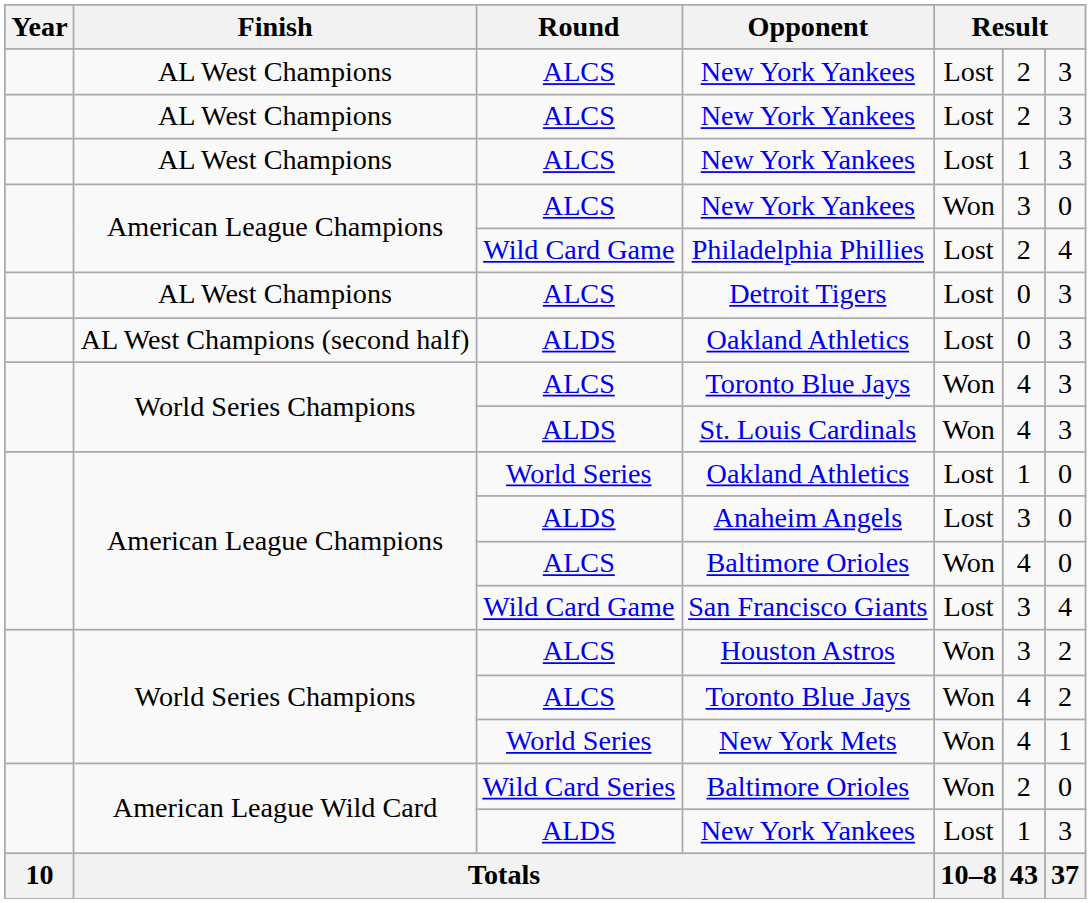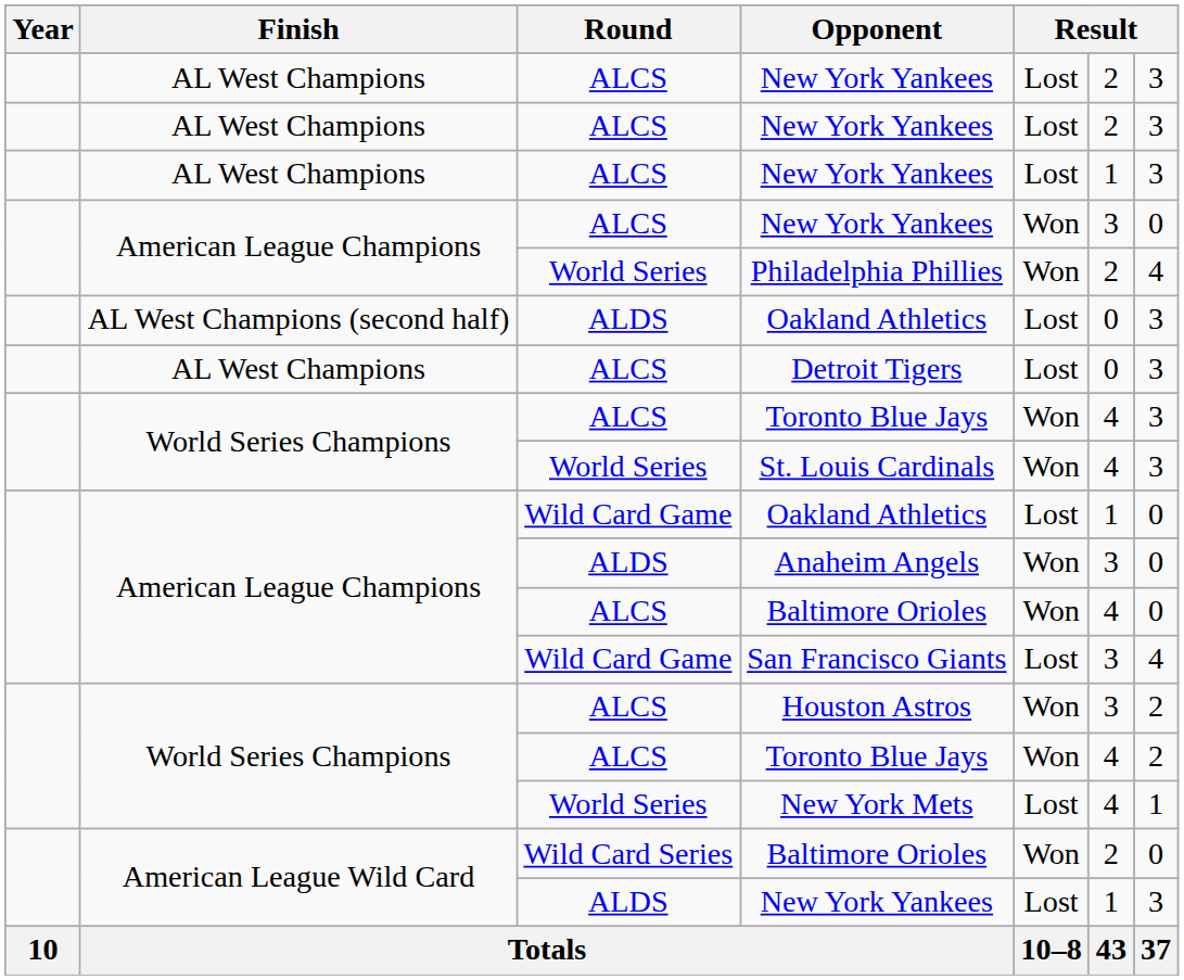 <table class="wikitable">
 <tr>
 <th colspan=1>Year</th>
 <th colspan=1>Finish</th>
 <th colspan=1>Round</th>
 <th colspan=1>Opponent</th>
 <th colspan=3>Result</th>
 </tr>
 <tr>
 <td align="center"></td>
 <td align="center">AL West Champions</td>
 <td align="center"><a href='#'>ALCS</a></td>
 <td align="center"><a href='#'>New York Yankees</a></td>
 <td align="center">Lost</td>
 <td align="center">2</td>
 <td align="center">3</td>
 </tr>
 <tr>
 <td align="center"></td>
 <td align="center">AL West Champions</td>
 <td align="center"><a href='#'>ALCS</a></td>
 <td align="center"><a href='#'>New York Yankees</a></td>
 <td align="center">Lost</td>
 <td align="center">2</td>
 <td align="center">3</td>
 </tr>
 <tr>
 <td align="center"></td>
 <td align="center">AL West Champions</td>
 <td align="center"><a href='#'>ALCS</a></td>
 <td align="center"><a href='#'>New York Yankees</a></td>
 <td align="center">Lost</td>
 <td align="center">1</td>
 <td align="center">3</td>
 </tr>
 <tr>
 <td align="center" rowspan="2"></td>
 <td align="center" rowspan="2">American League Champions</td>
 <td align="center"><a href='#'>ALCS</a></td>
 <td align="center"><a href='#'>New York Yankees</a></td>
 <td align="center">Won</td>
 <td align="center">3</td>
 <td align="center">0</td>
 </tr>
 <tr>
-<td align="center"><a href='#'>Wild Card Game</a></td>
+<td align="center"><a href='#'>World Series</a></td>
 <td align="center"><a href='#'>Philadelphia Phillies</a></td>
-<td align="center">Lost</td>
+<td align="center">Won</td>
 <td align="center">2</td>
 <td align="center">4</td>
+</tr>
+<tr>
+<td align="center"></td>
+<td align="center">AL West Champions (second half)</td>
+<td align="center"><a href='#'>ALDS</a></td>
+<td align="center"><a href='#'>Oakland Athletics</a></td>
+<td align="center">Lost</td>
+<td align="center">0</td>
+<td align="center">3</td>
 </tr>
 <tr>
 <td align="center"></td>
 <td align="center">AL West Champions</td>
 <td align="center"><a href='#'>ALCS</a></td>
 <td align="center"><a href='#'>Detroit Tigers</a></td>
-<td align="center">Lost</td>
-<td align="center">0</td>
-<td align="center">3</td>
-</tr>
-<tr>
-<td align="center"></td>
-<td align="center">AL West Champions (second half)</td>
-<td align="center"><a href='#'>ALDS</a></td>
-<td align="center"><a href='#'>Oakland Athletics</a></td>
 <td align="center">Lost</td>
 <td align="center">0</td>
 <td align="center">3</td>
 </tr>
 <tr>
 <td align="center" rowspan="2"></td>
 <td align="center" rowspan="2">World Series Champions</td>
 <td align="center"><a href='#'>ALCS</a></td>
 <td align="center"><a href='#'>Toronto Blue Jays</a></td>
 <td align="center">Won</td>
 <td align="center">4</td>
 <td align="center">3</td>
 </tr>
 <tr>
-<td align="center"><a href='#'>ALDS</a></td>
+<td align="center"><a href='#'>World Series</a></td>
 <td align="center"><a href='#'>St. Louis Cardinals</a></td>
 <td align="center">Won</td>
 <td align="center">4</td>
 <td align="center">3</td>
 </tr>
 <tr>
 <td align="center" rowspan="4"></td>
 <td align="center" rowspan="4">American League Champions</td>
-<td align="center"><a href='#'>World Series</a></td>
+<td align="center"><a href='#'>Wild Card Game</a></td>
 <td align="center"><a href='#'>Oakland Athletics</a></td>
 <td align="center">Lost</td>
 <td align="center">1</td>
 <td align="center">0</td>
 </tr>
 <tr>
 <td align="center"><a href='#'>ALDS</a></td>
 <td align="center"><a href='#'>Anaheim Angels</a></td>
-<td align="center">Lost</td>
+<td align="center">Won</td>
 <td align="center">3</td>
 <td align="center">0</td>
 </tr>
 <tr>
 <td align="center"><a href='#'>ALCS</a></td>
 <td align="center"><a href='#'>Baltimore Orioles</a></td>
 <td align="center">Won</td>
 <td align="center">4</td>
 <td align="center">0</td>
 </tr>
 <tr>
 <td align="center"><a href='#'>Wild Card Game</a></td>
 <td align="center"><a href='#'>San Francisco Giants</a></td>
 <td align="center">Lost</td>
 <td align="center">3</td>
 <td align="center">4</td>
 </tr>
 <tr>
 <td align="center" rowspan="3"></td>
 <td align="center" rowspan="3">World Series Champions</td>
 <td align="center"><a href='#'>ALCS</a></td>
 <td align="center"><a href='#'>Houston Astros</a></td>
 <td align="center">Won</td>
 <td align="center">3</td>
 <td align="center">2</td>
 </tr>
 <tr>
 <td align="center"><a href='#'>ALCS</a></td>
 <td align="center"><a href='#'>Toronto Blue Jays</a></td>
 <td align="center">Won</td>
 <td align="center">4</td>
 <td align="center">2</td>
 </tr>
 <tr>
 <td align="center"><a href='#'>World Series</a></td>
 <td align="center"><a href='#'>New York Mets</a></td>
-<td align="center">Won</td>
+<td align="center">Lost</td>
 <td align="center">4</td>
 <td align="center">1</td>
 </tr>
 <tr>
 <td align="center" rowspan="2"></td>
 <td align="center" rowspan="2">American League Wild Card</td>
 <td align="center"><a href='#'>Wild Card Series</a></td>
 <td align="center"><a href='#'>Baltimore Orioles</a></td>
 <td align="center">Won</td>
 <td align="center">2</td>
 <td align="center">0</td>
 </tr>
 <tr>
 <td align="center"><a href='#'>ALDS</a></td>
 <td align="center"><a href='#'>New York Yankees</a></td>
 <td align="center">Lost</td>
 <td align="center">1</td>
 <td align="center">3</td>
 </tr>
 <tr>
 <th align="center">10</th>
 <th colspan="3">Totals</th>
 <th>10–8</th>
 <th>43</th>
 <th>37</th>
 </tr>
 </table>
